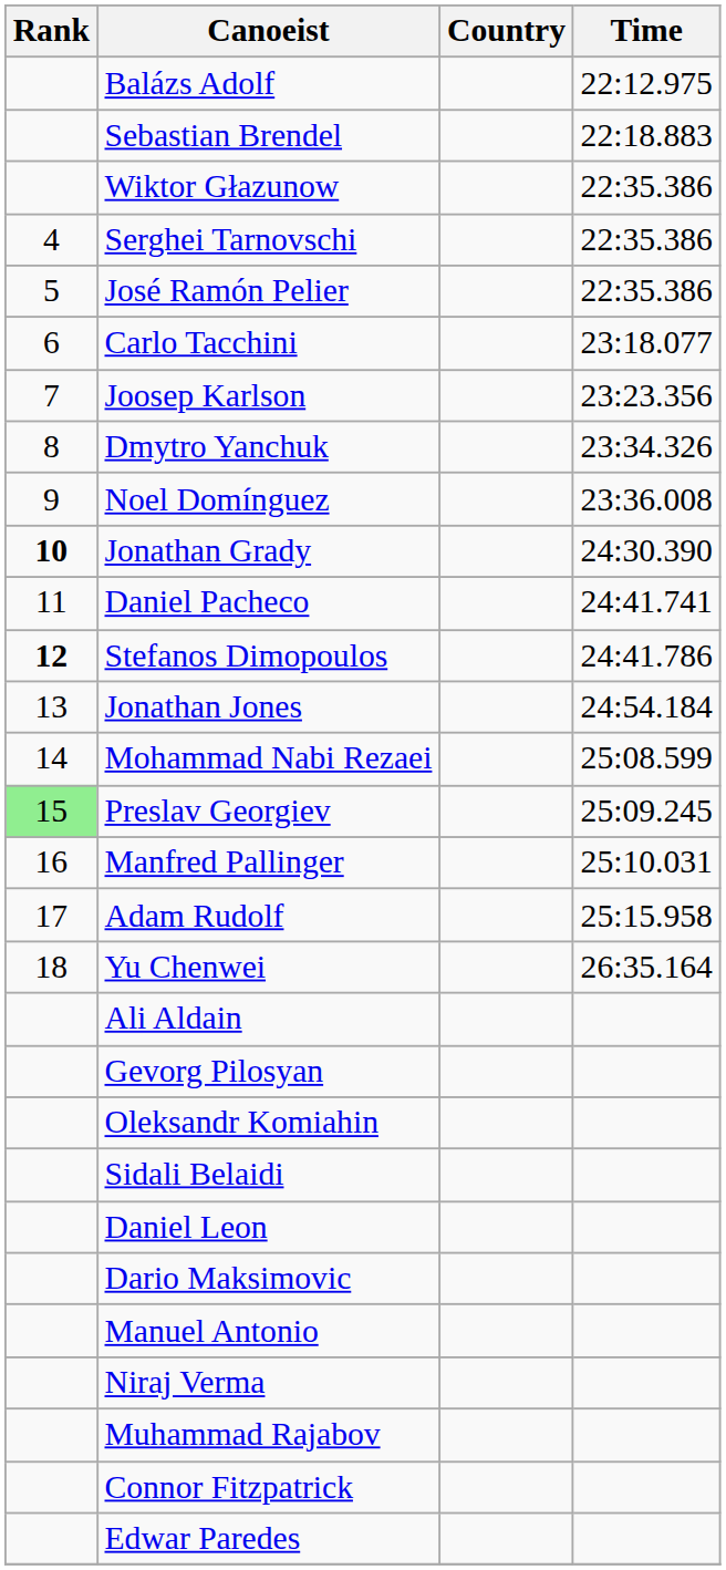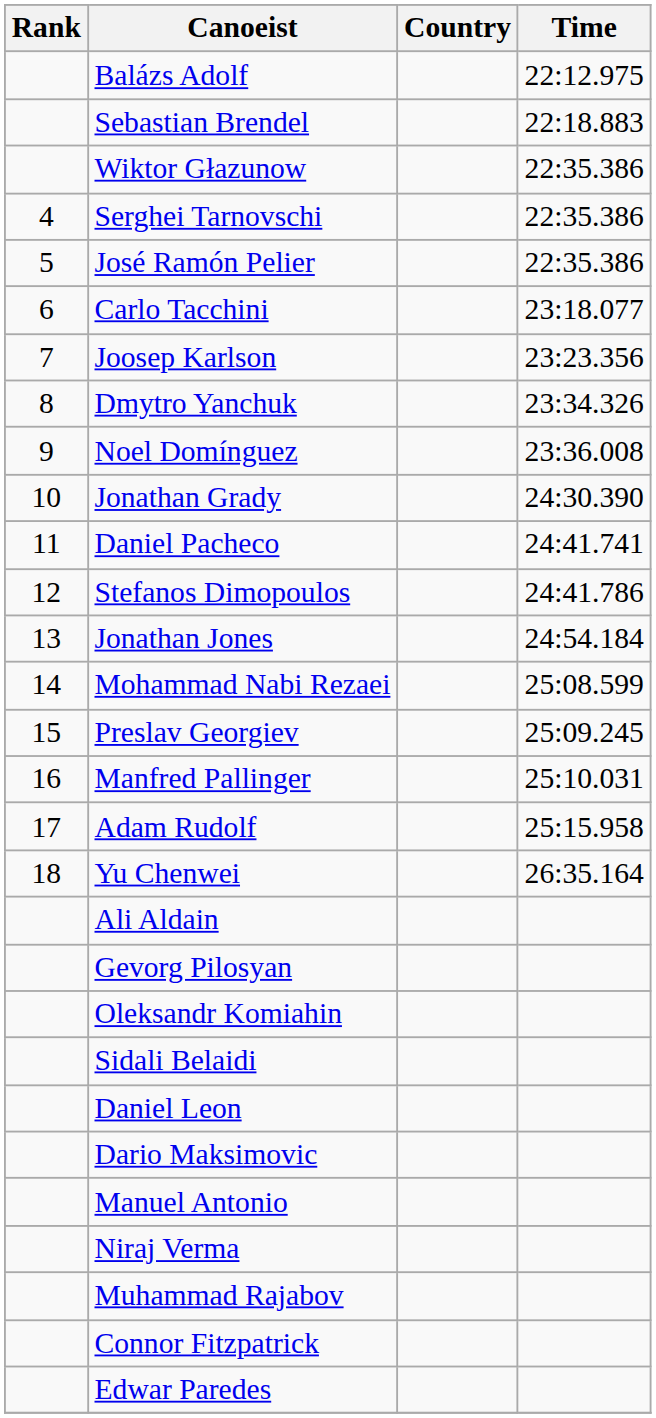 <table class="wikitable" style="text-align:center">
 <tr>
 <th>Rank</th>
 <th>Canoeist</th>
 <th>Country</th>
 <th>Time</th>
 </tr>
 <tr>
 <td></td>
 <td align="left"><a href='#'>Balázs Adolf</a></td>
 <td align="left"></td>
 <td>22:12.975</td>
 </tr>
 <tr>
 <td></td>
 <td align="left"><a href='#'>Sebastian Brendel</a></td>
 <td align="left"></td>
 <td>22:18.883</td>
 </tr>
 <tr>
 <td></td>
 <td align="left"><a href='#'>Wiktor Głazunow</a></td>
 <td align="left"></td>
 <td>22:35.386</td>
 </tr>
 <tr>
 <td>4</td>
 <td align="left"><a href='#'>Serghei Tarnovschi</a></td>
 <td align="left"></td>
 <td>22:35.386</td>
 </tr>
 <tr>
 <td>5</td>
 <td align="left"><a href='#'>José Ramón Pelier</a></td>
 <td align="left"></td>
 <td>22:35.386</td>
 </tr>
 <tr>
 <td>6</td>
 <td align="left"><a href='#'>Carlo Tacchini</a></td>
 <td align="left"></td>
 <td>23:18.077</td>
 </tr>
 <tr>
 <td>7</td>
 <td align="left"><a href='#'>Joosep Karlson</a></td>
 <td align="left"></td>
 <td>23:23.356</td>
 </tr>
 <tr>
 <td>8</td>
 <td align="left"><a href='#'>Dmytro Yanchuk</a></td>
 <td align="left"></td>
 <td>23:34.326</td>
 </tr>
 <tr>
 <td>9</td>
 <td align="left"><a href='#'>Noel Domínguez</a></td>
 <td align="left"></td>
 <td>23:36.008</td>
 </tr>
 <tr>
-<td><strong>10</strong></td>
+<td>10</td>
 <td align="left"><a href='#'>Jonathan Grady</a></td>
 <td align="left"></td>
 <td>24:30.390</td>
 </tr>
 <tr>
 <td>11</td>
 <td align="left"><a href='#'>Daniel Pacheco</a></td>
 <td align="left"></td>
 <td>24:41.741</td>
 </tr>
 <tr>
-<td><strong>12</strong></td>
+<td>12</td>
 <td align="left"><a href='#'>Stefanos Dimopoulos</a></td>
 <td align="left"></td>
 <td>24:41.786</td>
 </tr>
 <tr>
 <td>13</td>
 <td align="left"><a href='#'>Jonathan Jones</a></td>
 <td align="left"></td>
 <td>24:54.184</td>
 </tr>
 <tr>
 <td>14</td>
 <td align="left"><a href='#'>Mohammad Nabi Rezaei</a></td>
 <td align="left"></td>
 <td>25:08.599</td>
 </tr>
 <tr>
-<td style="background: lightgreen;">15</td>
+<td>15</td>
 <td align="left"><a href='#'>Preslav Georgiev</a></td>
 <td align="left"></td>
 <td>25:09.245</td>
 </tr>
 <tr>
 <td>16</td>
 <td align="left"><a href='#'>Manfred Pallinger</a></td>
 <td align="left"></td>
 <td>25:10.031</td>
 </tr>
 <tr>
 <td>17</td>
 <td align="left"><a href='#'>Adam Rudolf</a></td>
 <td align="left"></td>
 <td>25:15.958</td>
 </tr>
 <tr>
 <td>18</td>
 <td align="left"><a href='#'>Yu Chenwei</a></td>
 <td align="left"></td>
 <td>26:35.164</td>
 </tr>
 <tr>
 <td></td>
 <td align="left"><a href='#'>Ali Aldain</a></td>
 <td align="left"></td>
 <td></td>
 </tr>
 <tr>
 <td></td>
 <td align="left"><a href='#'>Gevorg Pilosyan</a></td>
 <td align="left"></td>
 <td></td>
 </tr>
 <tr>
 <td></td>
 <td align="left"><a href='#'>Oleksandr Komiahin</a></td>
 <td align="left"></td>
 <td></td>
 </tr>
 <tr>
 <td></td>
 <td align="left"><a href='#'>Sidali Belaidi</a></td>
 <td align="left"></td>
 <td></td>
 </tr>
 <tr>
 <td></td>
 <td align="left"><a href='#'>Daniel Leon</a></td>
 <td align="left"></td>
 <td></td>
 </tr>
 <tr>
 <td></td>
 <td align="left"><a href='#'>Dario Maksimovic</a></td>
 <td align="left"></td>
 <td></td>
 </tr>
 <tr>
 <td></td>
 <td align="left"><a href='#'>Manuel Antonio</a></td>
 <td align="left"></td>
 <td></td>
 </tr>
 <tr>
 <td></td>
 <td align="left"><a href='#'>Niraj Verma</a></td>
 <td align="left"></td>
 <td></td>
 </tr>
 <tr>
 <td></td>
 <td align="left"><a href='#'>Muhammad Rajabov</a></td>
 <td align="left"></td>
 <td></td>
 </tr>
 <tr>
 <td></td>
 <td align="left"><a href='#'>Connor Fitzpatrick</a></td>
 <td align="left"></td>
 <td></td>
 </tr>
 <tr>
 <td></td>
 <td align="left"><a href='#'>Edwar Paredes</a></td>
 <td align="left"></td>
 <td></td>
 </tr>
 <tr>
 </tr>
 </table>
